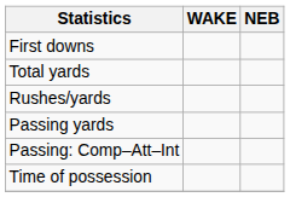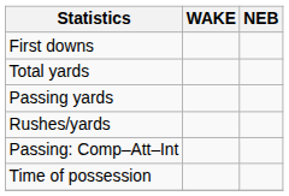 <table class="wikitable" style="float: left;">
 <tr>
 <th>Statistics</th>
 <th>WAKE</th>
 <th>NEB</th>
 </tr>
 <tr>
 <td>First downs</td>
 <td></td>
 <td></td>
 </tr>
 <tr>
 <td>Total yards</td>
 <td></td>
 <td></td>
 </tr>
 <tr>
-<td>Rushes/yards</td>
+<td>Passing yards</td>
 <td></td>
 <td></td>
 </tr>
 <tr>
-<td>Passing yards</td>
+<td>Rushes/yards</td>
 <td></td>
 <td></td>
 </tr>
 <tr>
 <td>Passing: Comp–Att–Int</td>
 <td></td>
 <td></td>
 </tr>
 <tr>
 <td>Time of possession</td>
 <td></td>
 <td></td>
 </tr>
 <tr>
 </tr>
 </table>
